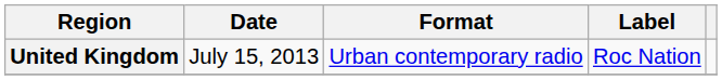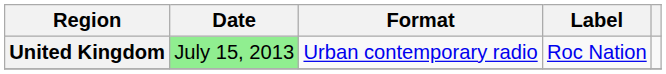 <table class="wikitable plainrowheaders">
 <tr>
 <th>Region</th>
 <th>Date</th>
 <th>Format</th>
 <th>Label</th>
 <th></th>
 </tr>
 <tr>
 <th scope="row">United Kingdom</th>
-<td>July 15, 2013</td>
+<td style="background: lightgreen;">July 15, 2013</td>
 <td><a href='#'>Urban contemporary radio</a></td>
 <td><a href='#'>Roc Nation</a></td>
 <td></td>
 </tr>
 <tr>
 </tr>
 </table>
